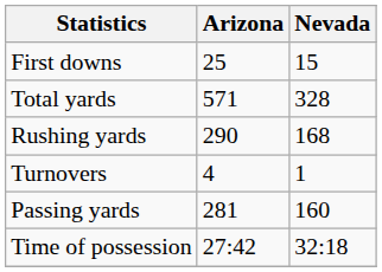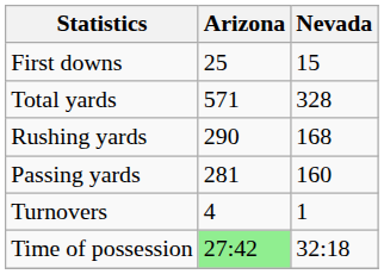 <table class="wikitable">
 <tr>
 <th>Statistics</th>
 <th>Arizona</th>
 <th>Nevada</th>
 </tr>
 <tr>
 <td>First downs</td>
 <td>25</td>
 <td>15</td>
 </tr>
 <tr>
 <td>Total yards</td>
 <td>571</td>
 <td>328</td>
 </tr>
 <tr>
 <td>Rushing yards</td>
 <td>290</td>
 <td>168</td>
 </tr>
 <tr>
+<td>Passing yards</td>
+<td>281</td>
+<td>160</td>
+</tr>
+<tr>
 <td>Turnovers</td>
 <td>4</td>
 <td>1</td>
 </tr>
 <tr>
-<td>Passing yards</td>
-<td>281</td>
-<td>160</td>
-</tr>
-<tr>
 <td>Time of possession</td>
-<td>27:42</td>
+<td style="background: lightgreen;">27:42</td>
 <td>32:18</td>
 </tr>
 <tr>
 </tr>
 </table>
